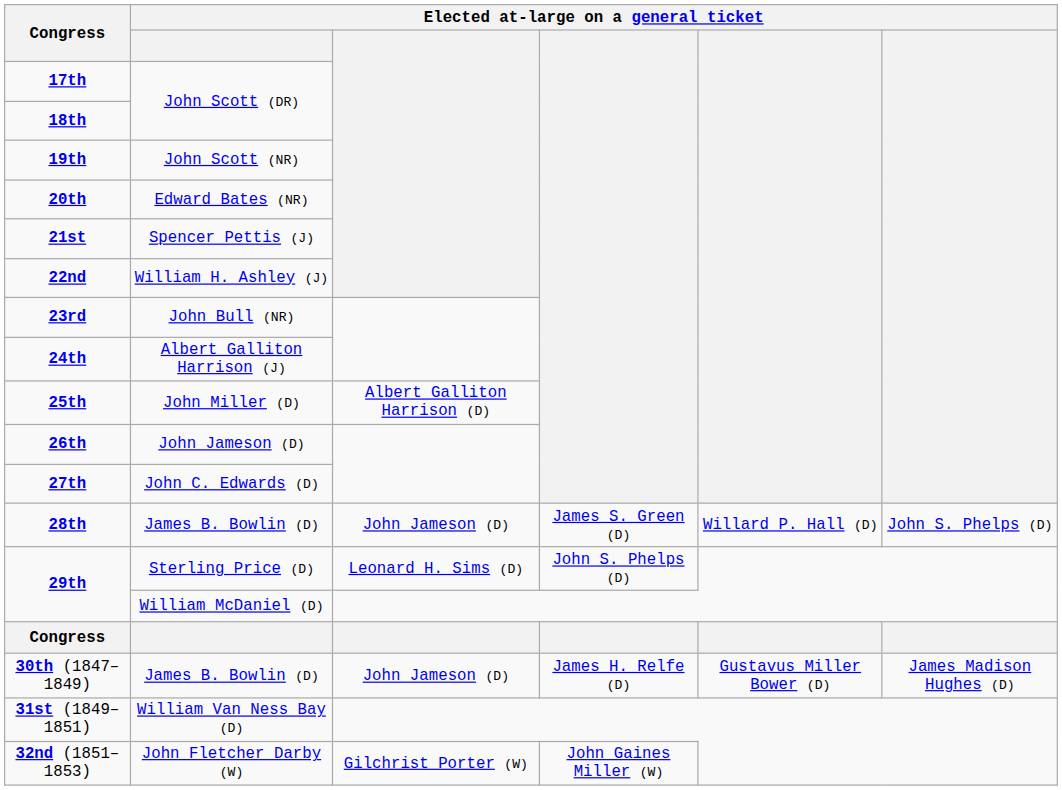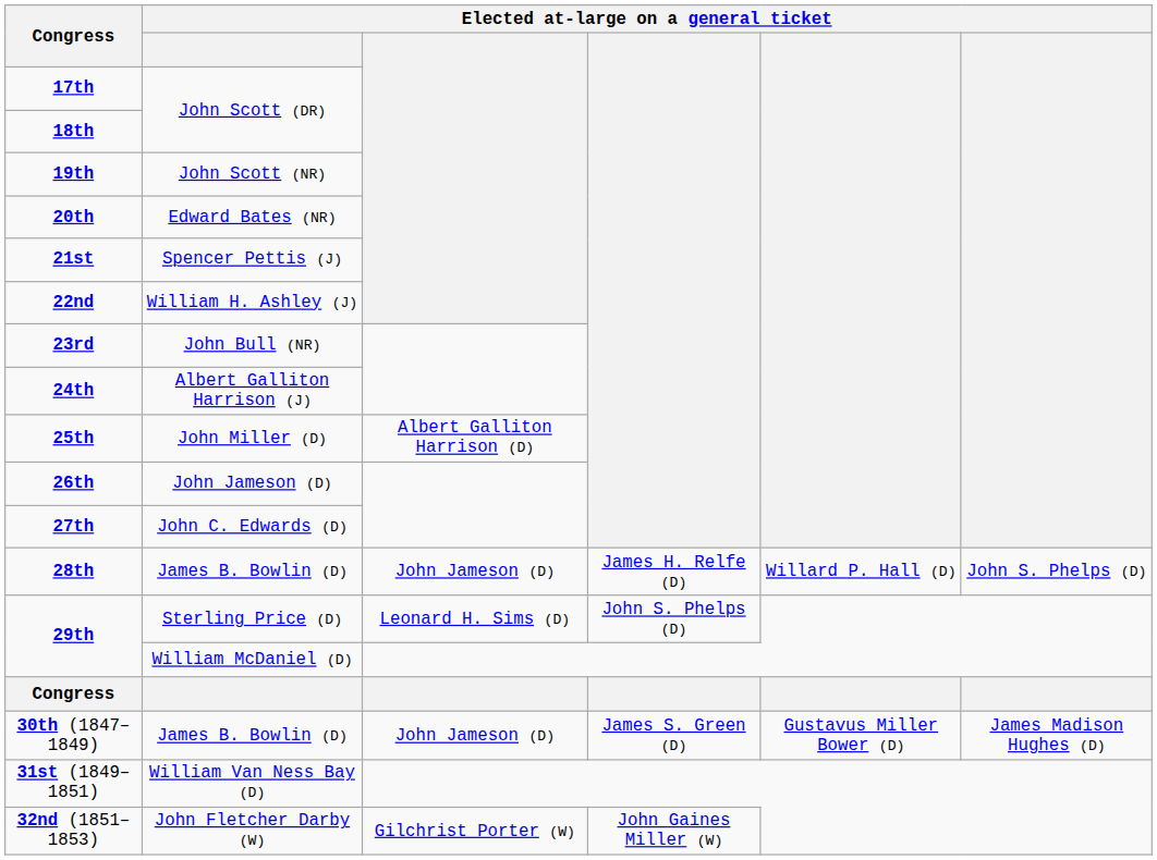 <table class=wikitable style="text-align:center">
 <tr>
 <th rowspan=2>Cong­ress</th>
 <th colspan=5>Elected at-large on a <a href='#'>general ticket</a></th>
 </tr>
 <tr style="height:2em">
 <th></th>
 <th valign=bottom rowspan="7"></th>
 <th valign=bottom rowspan="12"></th>
 <th valign=bottom rowspan="12"></th>
 <th valign=bottom rowspan="12"></th>
 </tr>
 <tr style="height:2.5em">
 <td><strong><a href='#'>17th</a></strong> </td>
 <td rowspan=2 ><a href='#'>John Scott</a> <small>(DR)</small></td>
 </tr>
 <tr style="height:2.5em">
 <td><strong><a href='#'>18th</a></strong> </td>
 </tr>
 <tr style="height:2.5em">
 <td><strong><a href='#'>19th</a></strong> </td>
 <td><a href='#'>John Scott</a> <small>(NR)</small></td>
 </tr>
 <tr style="height:2.5em">
 <td><strong><a href='#'>20th</a></strong> </td>
 <td><a href='#'>Edward Bates</a> <small>(NR)</small></td>
 </tr>
 <tr style="height:2.5em">
 <td><strong><a href='#'>21st</a></strong> </td>
 <td><a href='#'>Spencer Pettis</a> <small>(J)</small></td>
 </tr>
 <tr style="height:2.5em">
 <td><strong><a href='#'>22nd</a></strong> </td>
 <td><a href='#'>William H. Ashley</a> <small>(J)</small></td>
 </tr>
 <tr style="height:2.5em">
 <td><strong><a href='#'>23rd</a></strong> </td>
 <td><a href='#'>John Bull</a> <small>(NR)</small></td>
 </tr>
 <tr style="height:2.5em">
 <td><strong><a href='#'>24th</a></strong> </td>
 <td><a href='#'>Albert Galliton Harrison</a> <small>(J)</small></td>
 </tr>
 <tr style="height:2.5em">
 <td><strong><a href='#'>25th</a></strong> </td>
 <td><a href='#'>John Miller</a> <small>(D)</small></td>
 <td><a href='#'>Albert Galliton Harrison</a> <small>(D)</small></td>
 </tr>
 <tr style="height:2.5em">
 <td><strong><a href='#'>26th</a></strong> </td>
 <td><a href='#'>John Jameson</a> <small>(D)</small></td>
 </tr>
 <tr style="height:2.5em">
 <td><strong><a href='#'>27th</a></strong> </td>
 <td><a href='#'>John C. Edwards</a> <small>(D)</small></td>
 </tr>
 <tr style="height:2.5em">
 <td><strong><a href='#'>28th</a></strong> </td>
 <td><a href='#'>James B. Bowlin</a> <small>(D)</small></td>
 <td><a href='#'>John Jameson</a> <small>(D)</small></td>
-<td><a href='#'>James S. Green</a> <small>(D)</small></td>
+<td><a href='#'>James H. Relfe</a> <small>(D)</small></td>
 <td><a href='#'>Willard P. Hall</a> <small>(D)</small></td>
 <td><a href='#'>John S. Phelps</a> <small>(D)</small></td>
 </tr>
 <tr style="height:2em">
 <td rowspan=2><strong><a href='#'>29th</a></strong> </td>
 <td><a href='#'>Sterling Price</a> <small>(D)</small></td>
 <td><a href='#'>Leonard H. Sims</a> <small>(D)</small></td>
 <td><a href='#'>John S. Phelps</a> <small>(D)</small></td>
 </tr>
 <tr style="height:2em">
 <td><a href='#'>William McDaniel</a> <small>(D)</small></td>
 </tr>
 <tr style="height:2em">
 <th>Cong­ress</th>
 <th></th>
 <th></th>
 <th></th>
 <th></th>
 <th></th>
 </tr>
 <tr style="height:2.5em">
 <td><strong><a href='#'>30th</a></strong> (1847–1849)</td>
 <td><a href='#'>James B. Bowlin</a> <small>(D)</small></td>
 <td><a href='#'>John Jameson</a> <small>(D)</small></td>
-<td><a href='#'>James H. Relfe</a> <small>(D)</small></td>
+<td><a href='#'>James S. Green</a> <small>(D)</small></td>
 <td><a href='#'>Gustavus Miller Bower</a> <small>(D)</small></td>
 <td><a href='#'>James Madison Hughes</a> <small>(D)</small></td>
 </tr>
 <tr style="height:2.5em">
 <td><strong><a href='#'>31st</a></strong> (1849–1851)</td>
 <td><a href='#'>William Van Ness Bay</a> <small>(D)</small></td>
 </tr>
 <tr style="height:2.5em">
 <td><strong><a href='#'>32nd</a></strong> (1851–1853)</td>
 <td><a href='#'>John Fletcher Darby</a> <small>(W)</small></td>
 <td><a href='#'>Gilchrist Porter</a> <small>(W)</small></td>
 <td><a href='#'>John Gaines Miller</a> <small>(W)</small></td>
 </tr>
 </table>
